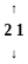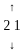 <table style="text-align:center;">
 <tr>
 <td><small> ↑  </small></td>
 </tr>
 <tr>
-<td><strong><span>2</span>   <span>1</span></strong></td>
+<td><span>2</span>   <span>1</span></td>
 </tr>
 <tr>
 <td><small>  ↓ </small></td>
 </tr>
 </table>
